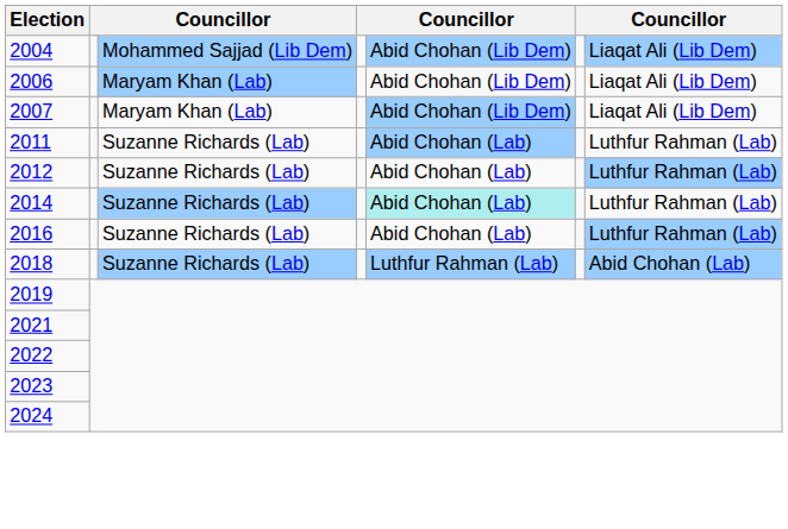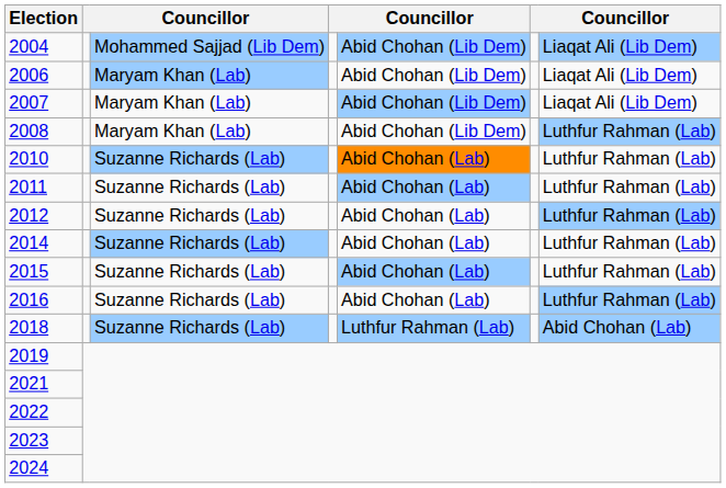 <table class="wikitable">
 <tr>
 <th>Election</th>
 <th colspan="2">Councillor</th>
 <th colspan="2">Councillor</th>
 <th colspan="2">Councillor</th>
 </tr>
 <tr>
 <td><a href='#'>2004</a></td>
 <td style="background-color: "></td>
 <td bgcolor="#99CCFF">Mohammed Sajjad (<a href='#'>Lib Dem</a>)</td>
 <td style="background-color: "></td>
 <td bgcolor="#99CCFF">Abid Chohan (<a href='#'>Lib Dem</a>)</td>
 <td style="background-color: "></td>
 <td bgcolor="#99CCFF">Liaqat Ali (<a href='#'>Lib Dem</a>)</td>
 </tr>
 <tr>
 <td><a href='#'>2006</a></td>
 <td style="background-color: "></td>
 <td bgcolor="#99CCFF">Maryam Khan (<a href='#'>Lab</a>)</td>
 <td style="background-color: "></td>
 <td>Abid Chohan (<a href='#'>Lib Dem</a>)</td>
 <td style="background-color: "></td>
 <td>Liaqat Ali (<a href='#'>Lib Dem</a>)</td>
 </tr>
 <tr>
 <td><a href='#'>2007</a></td>
 <td style="background-color: "></td>
 <td>Maryam Khan (<a href='#'>Lab</a>)</td>
 <td style="background-color: "></td>
 <td bgcolor="#99CCFF">Abid Chohan (<a href='#'>Lib Dem</a>)</td>
 <td style="background-color: "></td>
 <td>Liaqat Ali (<a href='#'>Lib Dem</a>)</td>
 </tr>
 <tr>
+<td><a href='#'>2008</a></td>
+<td style="background-color: "></td>
+<td>Maryam Khan (<a href='#'>Lab</a>)</td>
+<td style="background-color: "></td>
+<td>Abid Chohan (<a href='#'>Lib Dem</a>)</td>
+<td style="background-color: "></td>
+<td bgcolor="#99CCFF">Luthfur Rahman (<a href='#'>Lab</a>)</td>
+</tr>
+<tr>
+<td><a href='#'>2010</a></td>
+<td style="background-color: "></td>
+<td bgcolor="#99CCFF">Suzanne Richards (<a href='#'>Lab</a>)</td>
+<td style="background-color: "></td>
+<td bgcolor="#FF8C00">Abid Chohan (<a href='#'>Lab</a>)</td>
+<td style="background-color: "></td>
+<td>Luthfur Rahman (<a href='#'>Lab</a>)</td>
+</tr>
+<tr>
 <td><a href='#'>2011</a></td>
 <td style="background-color: "></td>
 <td>Suzanne Richards (<a href='#'>Lab</a>)</td>
 <td style="background-color: "></td>
 <td bgcolor="#99CCFF">Abid Chohan (<a href='#'>Lab</a>)</td>
 <td style="background-color: "></td>
 <td>Luthfur Rahman (<a href='#'>Lab</a>)</td>
 </tr>
 <tr>
 <td><a href='#'>2012</a></td>
 <td style="background-color: "></td>
 <td>Suzanne Richards (<a href='#'>Lab</a>)</td>
 <td style="background-color: "></td>
 <td>Abid Chohan (<a href='#'>Lab</a>)</td>
 <td style="background-color: "></td>
 <td bgcolor="#99CCFF">Luthfur Rahman (<a href='#'>Lab</a>)</td>
 </tr>
 <tr>
 <td><a href='#'>2014</a></td>
 <td style="background-color: "></td>
 <td bgcolor="#99CCFF">Suzanne Richards (<a href='#'>Lab</a>)</td>
 <td style="background-color: "></td>
-<td style="background: paleturquoise;">Abid Chohan (<a href='#'>Lab</a>)</td>
+<td>Abid Chohan (<a href='#'>Lab</a>)</td>
+<td style="background-color: "></td>
+<td>Luthfur Rahman (<a href='#'>Lab</a>)</td>
+</tr>
+<tr>
+<td><a href='#'>2015</a></td>
+<td style="background-color: "></td>
+<td>Suzanne Richards (<a href='#'>Lab</a>)</td>
+<td style="background-color: "></td>
+<td bgcolor="#99CCFF">Abid Chohan (<a href='#'>Lab</a>)</td>
 <td style="background-color: "></td>
 <td>Luthfur Rahman (<a href='#'>Lab</a>)</td>
 </tr>
 <tr>
 <td><a href='#'>2016</a></td>
 <td style="background-color: "></td>
 <td>Suzanne Richards (<a href='#'>Lab</a>)</td>
 <td style="background-color: "></td>
 <td>Abid Chohan (<a href='#'>Lab</a>)</td>
 <td style="background-color: "></td>
 <td bgcolor="#99CCFF">Luthfur Rahman (<a href='#'>Lab</a>)</td>
 </tr>
 <tr>
 <td><a href='#'>2018</a></td>
 <td style="background-color: "></td>
 <td bgcolor="#99CCFF">Suzanne Richards (<a href='#'>Lab</a>)</td>
 <td style="background-color: "></td>
 <td bgcolor="#99CCFF">Luthfur Rahman (<a href='#'>Lab</a>)</td>
 <td style="background-color: "></td>
 <td bgcolor="#99CCFF">Abid Chohan (<a href='#'>Lab</a>)</td>
 </tr>
 <tr>
 <td><a href='#'>2019</a><br>  </td>
 </tr>
 <tr>
 <td><a href='#'>2021</a><br>  </td>
 </tr>
 <tr>
 <td><a href='#'>2022</a><br>  </td>
 </tr>
 <tr>
 <td><a href='#'>2023</a><br>  </td>
 </tr>
 <tr>
 <td><a href='#'>2024</a><br>  </td>
 </tr>
 </table>
